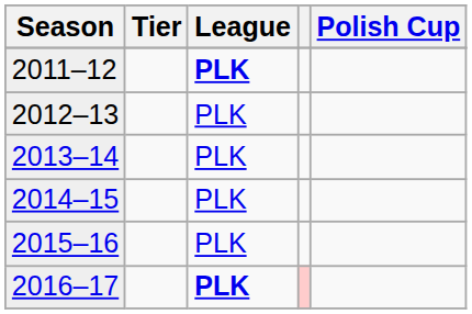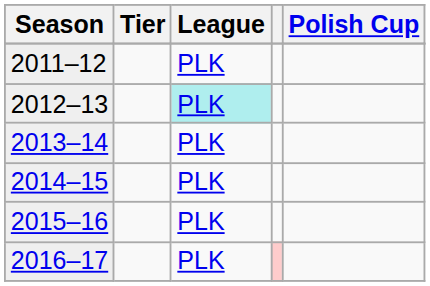 <table class="wikitable" style="font-size:85%;">
 <tr>
 <th>Season</th>
 <th>Tier</th>
 <th>League</th>
 <th></th>
 <th><a href='#'>Polish Cup</a></th>
 </tr>
 <tr>
 </tr>
 <tr>
 <td bgcolor=#efefef>2011–12</td>
 <td></td>
-<td align=left><strong><a href='#'>PLK</a></strong></td>
+<td align=left><a href='#'>PLK</a></td>
 <td bgcolor=></td>
 <td></td>
 </tr>
 <tr>
 <td bgcolor=#efefef>2012–13</td>
 <td></td>
-<td align=left><a href='#'>PLK</a></td>
+<td align=left style="background: paleturquoise;"><a href='#'>PLK</a></td>
 <td></td>
 <td></td>
 </tr>
 <tr>
 <td bgcolor=#efefef><a href='#'>2013–14</a></td>
 <td></td>
 <td align=left><a href='#'>PLK</a></td>
 <td></td>
 <td></td>
 </tr>
 <tr>
 <td bgcolor=#efefef><a href='#'>2014–15</a></td>
 <td></td>
 <td align=left><a href='#'>PLK</a></td>
 <td></td>
 <td></td>
 </tr>
 <tr>
 <td bgcolor=#efefef><a href='#'>2015–16</a></td>
 <td></td>
 <td align=left><a href='#'>PLK</a></td>
 <td></td>
 <td></td>
 </tr>
 <tr>
 <td bgcolor=#efefef><a href='#'>2016–17</a></td>
 <td></td>
-<td align=left><strong><a href='#'>PLK</a></strong></td>
+<td align=left><a href='#'>PLK</a></td>
 <td bgcolor=#fcc></td>
 <td></td>
 </tr>
 </table>
